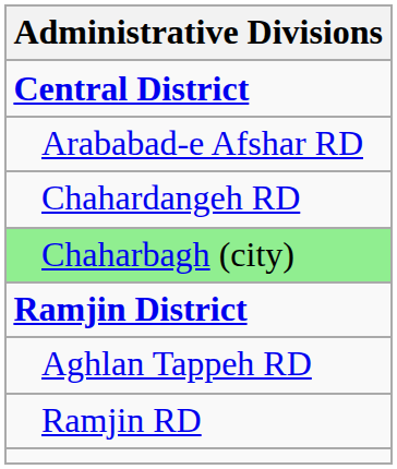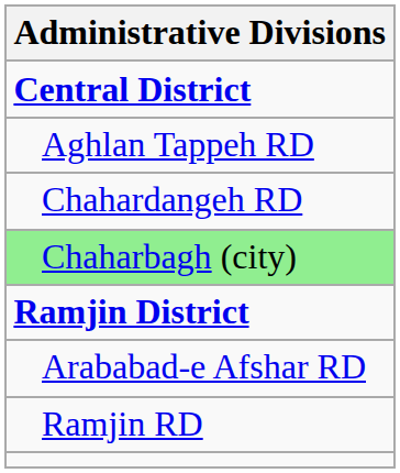 <table class="wikitable">
 <tr>
 <th>Administrative Divisions</th>
 </tr>
 <tr>
 <td><strong><a href='#'>Central District</a></strong></td>
 </tr>
 <tr>
-<td style="padding-left: 1em;"><a href='#'>Arababad-e Afshar RD</a></td>
+<td style="padding-left: 1em;"><a href='#'>Aghlan Tappeh RD</a></td>
 </tr>
 <tr>
 <td style="padding-left: 1em;"><a href='#'>Chahardangeh RD</a></td>
 </tr>
 <tr>
 <td style="background: lightgreen; padding-left: 1em;"><a href='#'>Chaharbagh</a> (city)</td>
 </tr>
 <tr>
 <td><strong><a href='#'>Ramjin District</a></strong></td>
 </tr>
 <tr>
-<td style="padding-left: 1em;"><a href='#'>Aghlan Tappeh RD</a></td>
+<td style="padding-left: 1em;"><a href='#'>Arababad-e Afshar RD</a></td>
 </tr>
 <tr>
 <td style="padding-left: 1em;"><a href='#'>Ramjin RD</a></td>
 </tr>
 <tr>
 <td colspan=1></td>
 </tr>
 </table>
